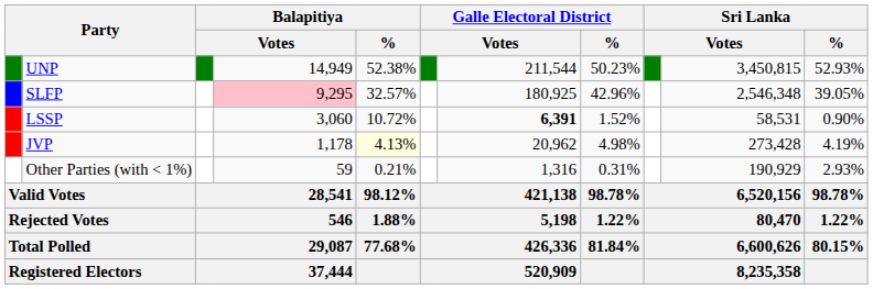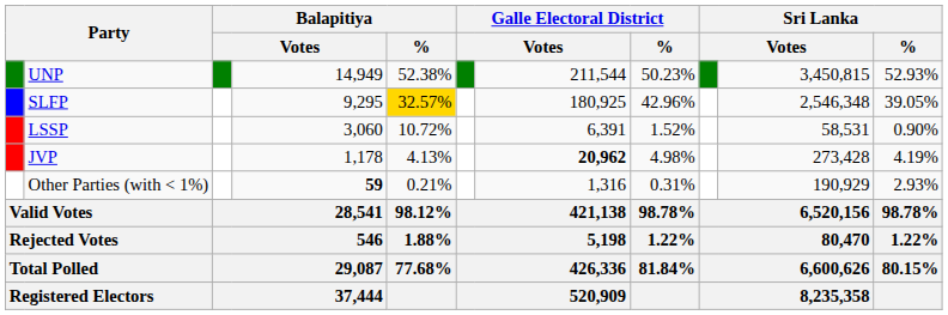 <table class="wikitable">
 <tr>
 <th colspan="2" width="144px"rowspan="2">Party</th>
 <th colspan="3" width="216px">Balapitiya</th>
 <th colspan="3" width="216px"><a href='#'>Galle Electoral District</a></th>
 <th colspan="3" width="216px">Sri Lanka</th>
 </tr>
 <tr>
 <th colspan="2" width="144px">Votes</th>
 <th>%</th>
 <th colspan="2" width="144px">Votes</th>
 <th>%</th>
 <th colspan="2" width="144px">Votes</th>
 <th>%</th>
 </tr>
 <tr>
 <td style="background-color:green;" width="10px"></td>
 <td style="text-align:left;"><a href='#'>UNP</a></td>
 <td style="background-color:green;" width="10px"></td>
 <td style="text-align:right;">14,949</td>
 <td style="text-align:right;">52.38%</td>
 <td style="background-color:green;" width="10px"></td>
 <td style="text-align:right;">211,544</td>
 <td style="text-align:right;">50.23%</td>
 <td style="background-color:green;" width="10px"></td>
 <td style="text-align:right;">3,450,815</td>
 <td style="text-align:right;">52.93%</td>
 </tr>
 <tr>
 <td style="background-color:blue;" width="10px"></td>
 <td style="text-align:left;"><a href='#'>SLFP</a></td>
 <td style="background-color:white;" width="10px"></td>
-<td style="background: pink; text-align:right;">9,295</td>
-<td style="text-align:right;">32.57%</td>
+<td style="text-align:right;">9,295</td>
+<td style="background: gold; text-align:right;">32.57%</td>
 <td style="background-color:white;" width="10px"></td>
 <td style="text-align:right;">180,925</td>
 <td style="text-align:right;">42.96%</td>
 <td style="background-color:white;" width="10px"></td>
 <td style="text-align:right;">2,546,348</td>
 <td style="text-align:right;">39.05%</td>
 </tr>
 <tr>
 <td style="background-color:red;" width="10px"></td>
 <td style="text-align:left;"><a href='#'>LSSP</a></td>
 <td style="background-color:white;" width="10px"></td>
 <td style="text-align:right;">3,060</td>
 <td style="text-align:right;">10.72%</td>
 <td style="background-color:white;" width="10px"></td>
-<td style="text-align:right;"><strong>6,391</strong></td>
+<td style="text-align:right;">6,391</td>
 <td style="text-align:right;">1.52%</td>
 <td style="background-color:white;" width="10px"></td>
 <td style="text-align:right;">58,531</td>
 <td style="text-align:right;">0.90%</td>
 </tr>
 <tr>
 <td style="background-color:red;" width="10px"></td>
 <td style="text-align:left;"><a href='#'>JVP</a></td>
 <td style="background-color:white;" width="10px"></td>
 <td style="text-align:right;">1,178</td>
-<td style="background: lightyellow; text-align:right;">4.13%</td>
+<td style="text-align:right;">4.13%</td>
 <td style="background-color:white;" width="10px"></td>
-<td style="text-align:right;">20,962</td>
+<td style="text-align:right;"><strong>20,962</strong></td>
 <td style="text-align:right;">4.98%</td>
 <td style="background-color:white;" width="10px"></td>
 <td style="text-align:right;">273,428</td>
 <td style="text-align:right;">4.19%</td>
 </tr>
 <tr>
 <td style="background-color:white;" width="10px"></td>
 <td style="text-align:left;">Other Parties (with < 1%)</td>
 <td style="background-color:white;" width="10px"></td>
-<td style="text-align:right;">59</td>
+<td style="text-align:right;"><strong>59</strong></td>
 <td style="text-align:right;">0.21%</td>
 <td style="background-color:white;" width="10px"></td>
 <td style="text-align:right;">1,316</td>
 <td style="text-align:right;">0.31%</td>
 <td style="background-color:white;" width="10px"></td>
 <td style="text-align:right;">190,929</td>
 <td style="text-align:right;">2.93%</td>
 </tr>
 <tr>
 <th colspan="2" width="144px"style="text-align:left;">Valid Votes</th>
 <th style="text-align:right;"colspan="2" width="144px">28,541</th>
 <th style="text-align:right;">98.12%</th>
 <th style="text-align:right;"colspan="2" width="144px">421,138</th>
 <th style="text-align:right;">98.78%</th>
 <th style="text-align:right;"colspan="2" width="144px">6,520,156</th>
 <th style="text-align:right;">98.78%</th>
 </tr>
 <tr>
 <th colspan="2" width="144px"style="text-align:left;">Rejected Votes</th>
 <th style="text-align:right;"colspan="2" width="144px">546</th>
 <th style="text-align:right;">1.88%</th>
 <th style="text-align:right;"colspan="2" width="144px">5,198</th>
 <th style="text-align:right;">1.22%</th>
 <th style="text-align:right;"colspan="2" width="144px">80,470</th>
 <th style="text-align:right;">1.22%</th>
 </tr>
 <tr>
 <th colspan="2" width="144px"style="text-align:left;">Total Polled</th>
 <th style="text-align:right;"colspan="2" width="144px">29,087</th>
 <th style="text-align:right;">77.68%</th>
 <th style="text-align:right;"colspan="2" width="144px">426,336</th>
 <th style="text-align:right;">81.84%</th>
 <th style="text-align:right;"colspan="2" width="144px">6,600,626</th>
 <th style="text-align:right;">80.15%</th>
 </tr>
 <tr>
 <th colspan="2" width="144px"style="text-align:left;">Registered Electors</th>
 <th style="text-align:right;"colspan="2" width="144px">37,444</th>
 <th></th>
 <th style="text-align:right;"colspan="2" width="144px">520,909</th>
 <th></th>
 <th style="text-align:right;"colspan="2" width="144px">8,235,358</th>
 <th></th>
 </tr>
 </table>
